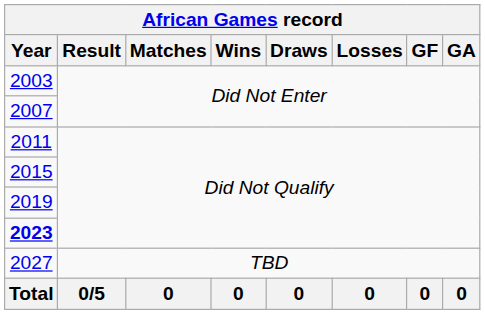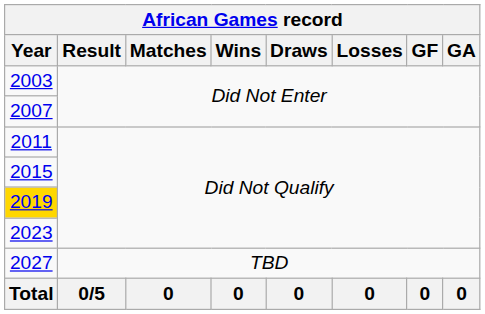 <table class="wikitable" style="text-align: center;">
 <tr>
 <th colspan=8><a href='#'>African Games</a> record</th>
 </tr>
 <tr>
 <th>Year</th>
 <th>Result</th>
 <th>Matches</th>
 <th>Wins</th>
 <th>Draws</th>
 <th>Losses</th>
 <th>GF</th>
 <th>GA</th>
 </tr>
 <tr>
 <td> <a href='#'>2003</a></td>
 <td rowspan=2 colspan=8><em>Did Not Enter</em></td>
 </tr>
 <tr>
 <td> <a href='#'>2007</a></td>
 </tr>
 <tr>
 <td> <a href='#'>2011</a></td>
 <td colspan=8 rowspan=4><em>Did Not Qualify</em></td>
 </tr>
 <tr>
 <td> <a href='#'>2015</a></td>
 </tr>
 <tr>
-<td> <a href='#'>2019</a></td>
+<td style="background: gold;"> <a href='#'>2019</a></td>
 </tr>
 <tr>
-<td><strong> <a href='#'>2023</a></strong></td>
+<td> <a href='#'>2023</a></td>
 </tr>
 <tr>
 <td> <a href='#'>2027</a></td>
 <td colspan=8><em>TBD</em></td>
 </tr>
 <tr>
 <th>Total</th>
 <th>0/5</th>
 <th>0</th>
 <th>0</th>
 <th>0</th>
 <th>0</th>
 <th>0</th>
 <th>0</th>
 </tr>
 </table>
